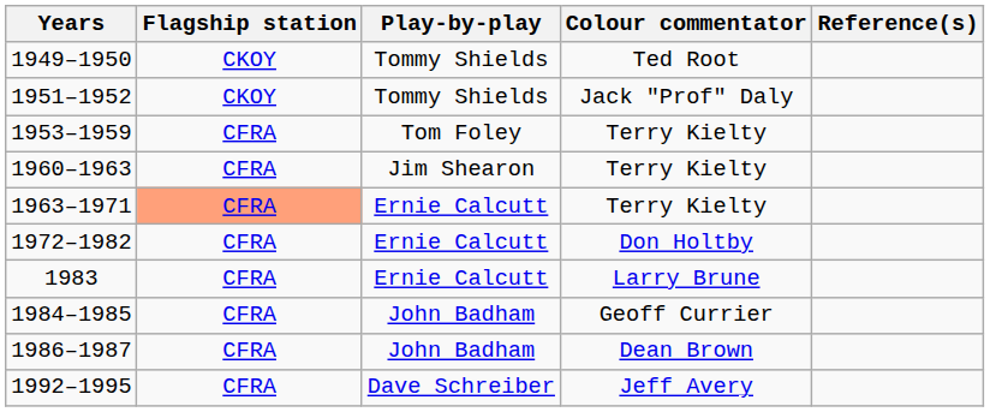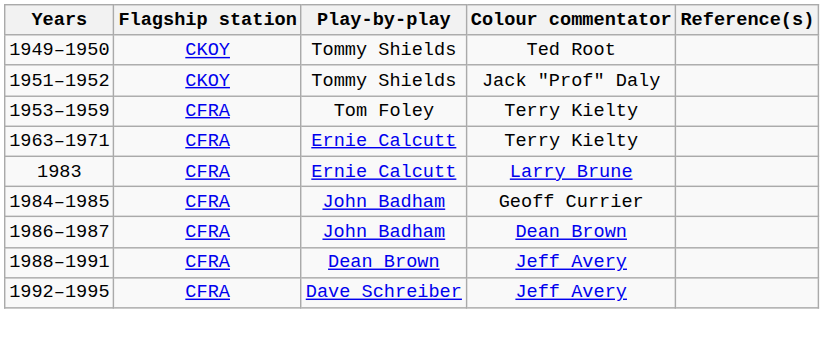 <table class="wikitable" style="text-align: center;">
 <tr>
 <th>Years</th>
 <th>Flagship station</th>
 <th>Play-by-play</th>
 <th>Colour commentator</th>
 <th>Reference(s)</th>
 </tr>
 <tr>
 <td>1949–1950</td>
 <td><a href='#'>CKOY</a></td>
 <td>Tommy Shields</td>
 <td>Ted Root</td>
 <td></td>
 </tr>
 <tr>
 <td>1951–1952</td>
 <td><a href='#'>CKOY</a></td>
 <td>Tommy Shields</td>
 <td>Jack "Prof" Daly</td>
 <td></td>
 </tr>
 <tr>
 <td>1953–1959</td>
 <td><a href='#'>CFRA</a></td>
 <td>Tom Foley</td>
 <td>Terry Kielty</td>
 <td></td>
 </tr>
 <tr>
-<td>1960–1963</td>
+<td>1963–1971</td>
 <td><a href='#'>CFRA</a></td>
-<td>Jim Shearon</td>
-<td>Terry Kielty</td>
-<td></td>
-</tr>
-<tr>
-<td>1963–1971</td>
-<td style="background: lightsalmon;"><a href='#'>CFRA</a></td>
 <td><a href='#'>Ernie Calcutt</a></td>
 <td>Terry Kielty</td>
-<td></td>
-</tr>
-<tr>
-<td>1972–1982</td>
-<td><a href='#'>CFRA</a></td>
-<td><a href='#'>Ernie Calcutt</a></td>
-<td><a href='#'>Don Holtby</a></td>
 <td></td>
 </tr>
 <tr>
 <td>1983</td>
 <td><a href='#'>CFRA</a></td>
 <td><a href='#'>Ernie Calcutt</a></td>
 <td><a href='#'>Larry Brune</a></td>
 <td></td>
 </tr>
 <tr>
 <td>1984–1985</td>
 <td><a href='#'>CFRA</a></td>
 <td><a href='#'>John Badham</a></td>
 <td>Geoff Currier</td>
 <td></td>
 </tr>
 <tr>
 <td>1986–1987</td>
 <td><a href='#'>CFRA</a></td>
 <td><a href='#'>John Badham</a></td>
 <td><a href='#'>Dean Brown</a></td>
 <td></td>
 </tr>
 <tr>
+<td>1988–1991</td>
+<td><a href='#'>CFRA</a></td>
+<td><a href='#'>Dean Brown</a></td>
+<td><a href='#'>Jeff Avery</a></td>
+<td></td>
+</tr>
+<tr>
 <td>1992–1995</td>
 <td><a href='#'>CFRA</a></td>
 <td><a href='#'>Dave Schreiber</a></td>
 <td><a href='#'>Jeff Avery</a></td>
 <td></td>
 </tr>
 </table>
